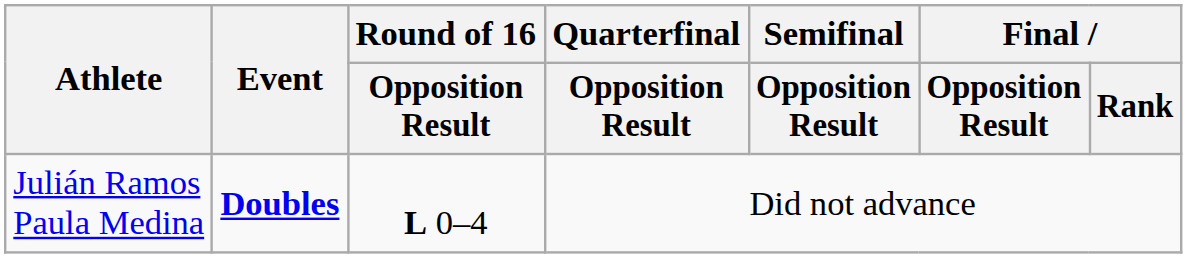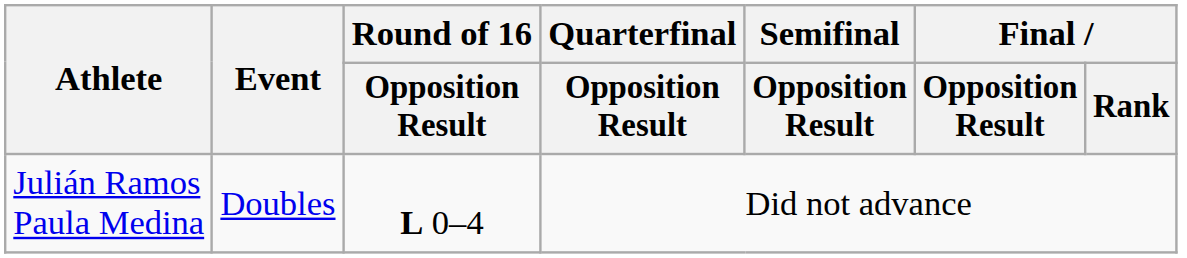 <table class=wikitable style=font-size:90%;text-align:center>
 <tr>
 <th rowspan=2>Athlete</th>
 <th rowspan=2>Event</th>
 <th>Round of 16</th>
 <th>Quarterfinal</th>
 <th>Semifinal</th>
 <th colspan=2>Final / </th>
 </tr>
 <tr style=font-size:95%>
 <th>Opposition<br>Result</th>
 <th>Opposition<br>Result</th>
 <th>Opposition<br>Result</th>
 <th>Opposition<br>Result</th>
 <th>Rank</th>
 </tr>
 <tr>
 <td align=left><a href='#'>Julián Ramos</a><br><a href='#'>Paula Medina</a></td>
-<td align=left><strong><a href='#'>Doubles</a></strong></td>
+<td align=left><a href='#'>Doubles</a></td>
 <td><br><strong>L</strong> 0–4</td>
 <td colspan=4>Did not advance</td>
 </tr>
 </table>
